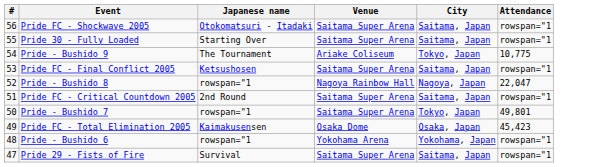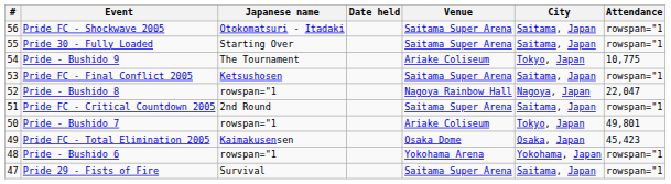 <table class="sortable wikitable succession-box" style="font-size:90%;">
 <tr>
 <th>#</th>
 <th>Event</th>
 <th>Japanese name</th>
+<th>Date held</th>
 <th>Venue</th>
 <th>City</th>
 <th>Attendance</th>
 </tr>
 <tr>
 <td style="text-align:center">56</td>
 <td><a href='#'>Pride FC - Shockwave 2005</a></td>
 <td><a href='#'>Otoko</a><a href='#'>matsuri</a> - <a href='#'>Itadaki</a></td>
+<td></td>
 <td><a href='#'>Saitama Super Arena</a></td>
 <td><a href='#'>Saitama</a>, <a href='#'>Japan</a></td>
 <td>rowspan="1 </td>
 </tr>
 <tr>
 <td style="text-align:center">55</td>
 <td><a href='#'>Pride 30 - Fully Loaded</a></td>
 <td>Starting Over</td>
+<td></td>
 <td><a href='#'>Saitama Super Arena</a></td>
 <td><a href='#'>Saitama</a>, <a href='#'>Japan</a></td>
 <td>rowspan="1 </td>
 </tr>
 <tr>
 <td style="text-align:center">54</td>
 <td><a href='#'>Pride - Bushido 9</a></td>
 <td>The Tournament</td>
+<td></td>
 <td><a href='#'>Ariake Coliseum</a></td>
 <td><a href='#'>Tokyo</a>, <a href='#'>Japan</a></td>
 <td>10,775</td>
 </tr>
 <tr>
 <td style="text-align:center">53</td>
 <td><a href='#'>Pride FC - Final Conflict 2005</a></td>
 <td><a href='#'>Ketsu</a><a href='#'>sho</a><a href='#'>sen</a></td>
+<td></td>
 <td><a href='#'>Saitama Super Arena</a></td>
 <td><a href='#'>Saitama</a>, <a href='#'>Japan</a></td>
 <td>rowspan="1 </td>
 </tr>
 <tr>
 <td style="text-align:center">52</td>
 <td><a href='#'>Pride - Bushido 8</a></td>
 <td>rowspan="1 </td>
+<td></td>
 <td><a href='#'>Nagoya Rainbow Hall</a></td>
 <td><a href='#'>Nagoya</a>, <a href='#'>Japan</a></td>
 <td>22,047</td>
 </tr>
 <tr>
 <td style="text-align:center">51</td>
 <td><a href='#'>Pride FC - Critical Countdown 2005</a></td>
 <td>2nd Round</td>
+<td></td>
 <td><a href='#'>Saitama Super Arena</a></td>
 <td><a href='#'>Saitama</a>, <a href='#'>Japan</a></td>
 <td>rowspan="1 </td>
 </tr>
 <tr>
 <td style="text-align:center">50</td>
 <td><a href='#'>Pride - Bushido 7</a></td>
 <td>rowspan="1 </td>
-<td><a href='#'>Saitama Super Arena</a></td>
+<td></td>
+<td><a href='#'>Ariake Coliseum</a></td>
 <td><a href='#'>Tokyo</a>, <a href='#'>Japan</a></td>
 <td>49,801</td>
 </tr>
 <tr>
 <td style="text-align:center">49</td>
 <td><a href='#'>Pride FC - Total Elimination 2005</a></td>
 <td><a href='#'>Kai</a><a href='#'>makusen</a>sen</td>
+<td></td>
 <td><a href='#'>Osaka Dome</a></td>
 <td><a href='#'>Osaka</a>, <a href='#'>Japan</a></td>
 <td>45,423</td>
 </tr>
 <tr>
 <td style="text-align:center">48</td>
 <td><a href='#'>Pride - Bushido 6</a></td>
 <td>rowspan="1 </td>
+<td></td>
 <td><a href='#'>Yokohama Arena</a></td>
 <td><a href='#'>Yokohama</a>, <a href='#'>Japan</a></td>
 <td>rowspan="1 </td>
 </tr>
 <tr>
 <td style="text-align:center">47</td>
 <td><a href='#'>Pride 29 - Fists of Fire</a></td>
 <td>Survival</td>
+<td></td>
 <td><a href='#'>Saitama Super Arena</a></td>
 <td><a href='#'>Saitama</a>, <a href='#'>Japan</a></td>
 <td>rowspan="1 </td>
 </tr>
 </table>
